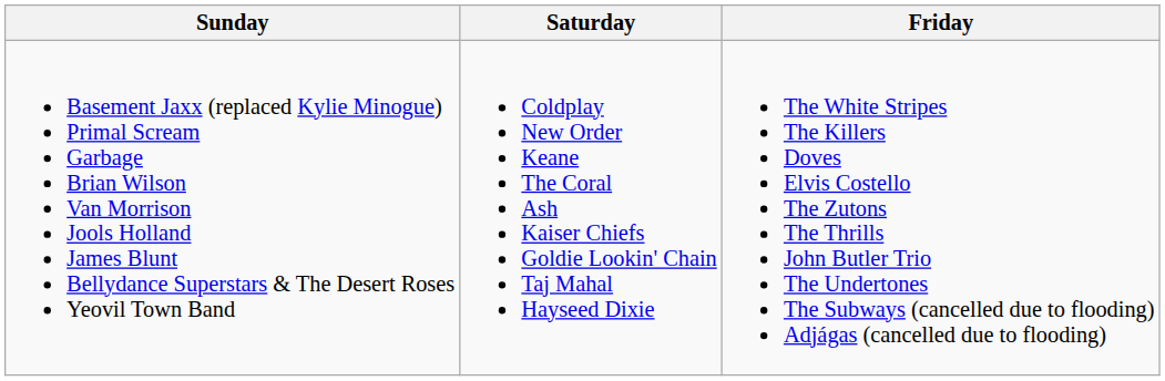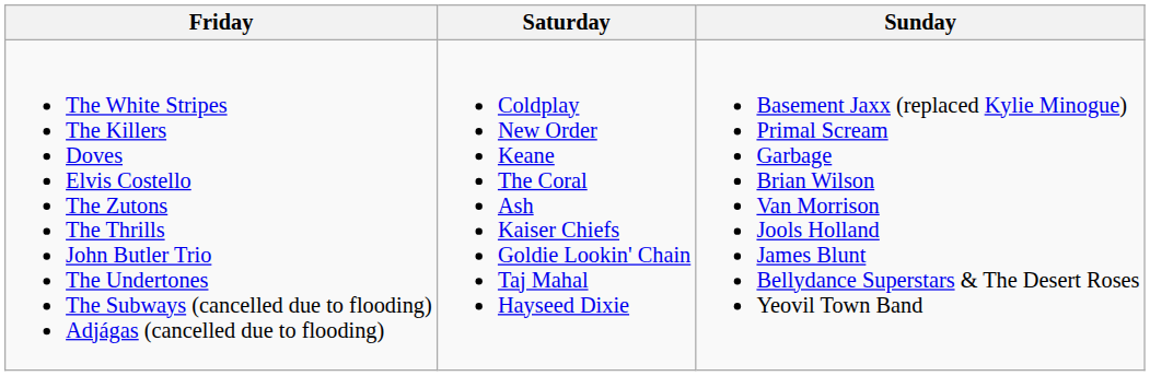 <table class="wikitable">
 <tr>
+<th>Friday</th>
+<th>Saturday</th>
 <th>Sunday</th>
-<th>Saturday</th>
-<th>Friday</th>
 </tr>
 <tr valign="top">
+<td><br><ul><li><a href='#'>The White Stripes</a></li><li><a href='#'>The Killers</a></li><li><a href='#'>Doves</a></li><li><a href='#'>Elvis Costello</a></li><li><a href='#'>The Zutons</a></li><li><a href='#'>The Thrills</a></li><li><a href='#'>John Butler Trio</a></li><li><a href='#'>The Undertones</a></li><li><a href='#'>The Subways</a> (cancelled due to flooding)</li><li><a href='#'>Adjágas</a> (cancelled due to flooding)</li></ul></td>
+<td><br><ul><li><a href='#'>Coldplay</a></li><li><a href='#'>New Order</a></li><li><a href='#'>Keane</a></li><li><a href='#'>The Coral</a></li><li><a href='#'>Ash</a></li><li><a href='#'>Kaiser Chiefs</a></li><li><a href='#'>Goldie Lookin' Chain</a></li><li><a href='#'>Taj Mahal</a></li><li><a href='#'>Hayseed Dixie</a></li></ul></td>
 <td><br><ul><li><a href='#'>Basement Jaxx</a> (replaced <a href='#'>Kylie Minogue</a>)</li><li><a href='#'>Primal Scream</a></li><li><a href='#'>Garbage</a></li><li><a href='#'>Brian Wilson</a></li><li><a href='#'>Van Morrison</a></li><li><a href='#'>Jools Holland</a></li><li><a href='#'>James Blunt</a></li><li><a href='#'>Bellydance Superstars</a> & The Desert Roses</li><li>Yeovil Town Band</li></ul></td>
-<td><br><ul><li><a href='#'>Coldplay</a></li><li><a href='#'>New Order</a></li><li><a href='#'>Keane</a></li><li><a href='#'>The Coral</a></li><li><a href='#'>Ash</a></li><li><a href='#'>Kaiser Chiefs</a></li><li><a href='#'>Goldie Lookin' Chain</a></li><li><a href='#'>Taj Mahal</a></li><li><a href='#'>Hayseed Dixie</a></li></ul></td>
-<td><br><ul><li><a href='#'>The White Stripes</a></li><li><a href='#'>The Killers</a></li><li><a href='#'>Doves</a></li><li><a href='#'>Elvis Costello</a></li><li><a href='#'>The Zutons</a></li><li><a href='#'>The Thrills</a></li><li><a href='#'>John Butler Trio</a></li><li><a href='#'>The Undertones</a></li><li><a href='#'>The Subways</a> (cancelled due to flooding)</li><li><a href='#'>Adjágas</a> (cancelled due to flooding)</li></ul></td>
 </tr>
 </table>
